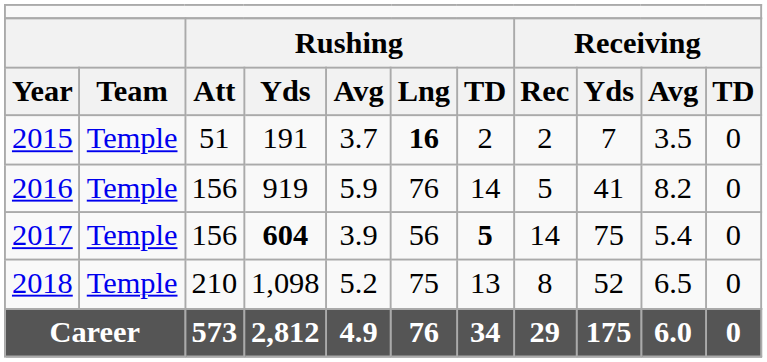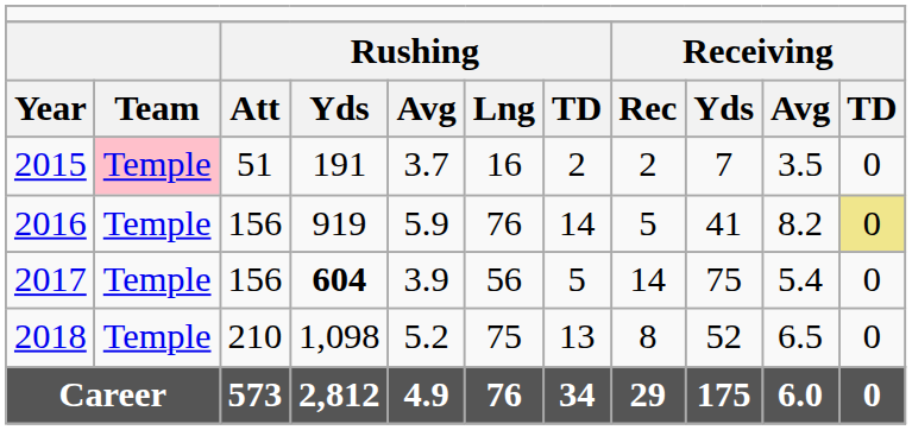 <table class="wikitable" style="text-align:center;">
 <tr>
 <td ! colspan="14"></td>
 </tr>
 <tr>
 </tr>
 <tr>
 <th colspan="2"></th>
 <th colspan="5">Rushing</th>
 <th colspan="4">Receiving</th>
 </tr>
 <tr>
 <th>Year</th>
 <th>Team</th>
 <th>Att</th>
 <th>Yds</th>
 <th>Avg</th>
 <th>Lng</th>
 <th>TD</th>
 <th>Rec</th>
 <th>Yds</th>
 <th>Avg</th>
 <th>TD</th>
 </tr>
 <tr>
 <td><a href='#'>2015</a></td>
-<td><a href='#'>Temple</a></td>
+<td style="background: pink;"><a href='#'>Temple</a></td>
 <td>51</td>
 <td>191</td>
 <td>3.7</td>
-<td><strong>16</strong></td>
+<td>16</td>
 <td>2</td>
 <td>2</td>
 <td>7</td>
 <td>3.5</td>
 <td>0</td>
 </tr>
 <tr>
 <td><a href='#'>2016</a></td>
 <td><a href='#'>Temple</a></td>
 <td>156</td>
 <td>919</td>
 <td>5.9</td>
 <td>76</td>
 <td>14</td>
 <td>5</td>
 <td>41</td>
 <td>8.2</td>
-<td>0</td>
+<td style="background: khaki;">0</td>
 </tr>
 <tr>
 <td><a href='#'>2017</a></td>
 <td><a href='#'>Temple</a></td>
 <td>156</td>
 <td><strong>604</strong></td>
 <td>3.9</td>
 <td>56</td>
-<td><strong>5</strong></td>
+<td>5</td>
 <td>14</td>
 <td>75</td>
 <td>5.4</td>
 <td>0</td>
 </tr>
 <tr>
 <td><a href='#'>2018</a></td>
 <td><a href='#'>Temple</a></td>
 <td>210</td>
 <td>1,098</td>
 <td>5.2</td>
 <td>75</td>
 <td>13</td>
 <td>8</td>
 <td>52</td>
 <td>6.5</td>
 <td>0</td>
 </tr>
 <tr>
 </tr>
 <tr style="background:#555555;font-weight:bold;color:white;">
 <td colspan=2>Career</td>
 <td>573</td>
 <td>2,812</td>
 <td>4.9</td>
 <td>76</td>
 <td>34</td>
 <td>29</td>
 <td>175</td>
 <td>6.0</td>
 <td>0</td>
 </tr>
 </table>
